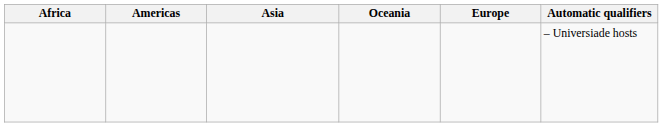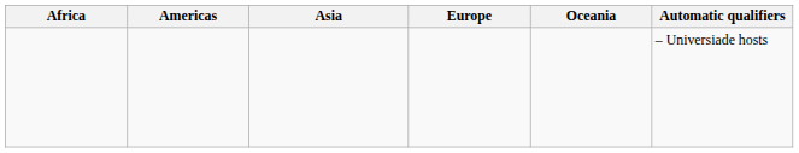 <table class=wikitable width=100%>
 <tr>
 <th width=13%>Africa</th>
 <th width=13%>Americas</th>
 <th width=17%>Asia</th>
+<th width=13%>Europe</th>
 <th width=13%>Oceania</th>
-<th width=13%>Europe</th>
 <th width=15%>Automatic qualifiers</th>
 </tr>
 <tr valign=top>
 <td></td>
 <td><br></td>
 <td><br><br>   <br><br></td>
+<td><br><br><br><br> <br><br>  <br></td>
 <td></td>
-<td><br><br><br><br> <br><br>  <br></td>
 <td>– Universiade hosts</td>
 </tr>
 </table>
